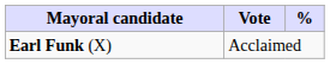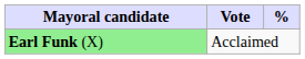 <table class="wikitable">
 <tr>
 <th style="background:#ddf;" width="200px">Mayoral candidate</th>
 <th style="background:#ddf;" width="50px">Vote</th>
 <th style="background:#ddf;" width="30px">%</th>
 </tr>
 <tr>
-<td><strong>Earl Funk</strong> (X)</td>
+<td style="background: lightgreen;"><strong>Earl Funk</strong> (X)</td>
 <td colspan="2">Acclaimed</td>
 </tr>
 </table>
